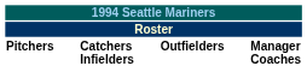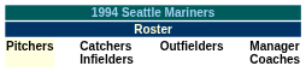 <table class="toccolours" style="font-size: 95%;">
 <tr>
 <th colspan="10" style="background-color: #005c5c; color:#9ECEEE; text-align: center;">1994 Seattle Mariners</th>
 </tr>
 <tr>
 <td colspan="10" style="background-color: #003366; color: #FFFDD0; text-align: center;"><strong>Roster</strong></td>
 </tr>
 <tr>
-<td valign="top"><strong>Pitchers</strong><br>                   </td>
+<td valign="top" style="background: lightyellow;"><strong>Pitchers</strong><br>                   </td>
 <td width="25px"></td>
 <td valign="top"><strong>Catchers</strong><br>     <strong>Infielders</strong>           </td>
 <td width="25px"></td>
 <td valign="top"><strong>Outfielders</strong><br>      </td>
 <td width="25px"></td>
 <td valign="top"><strong>Manager</strong><br> <strong>Coaches</strong>      </td>
 </tr>
 </table>
